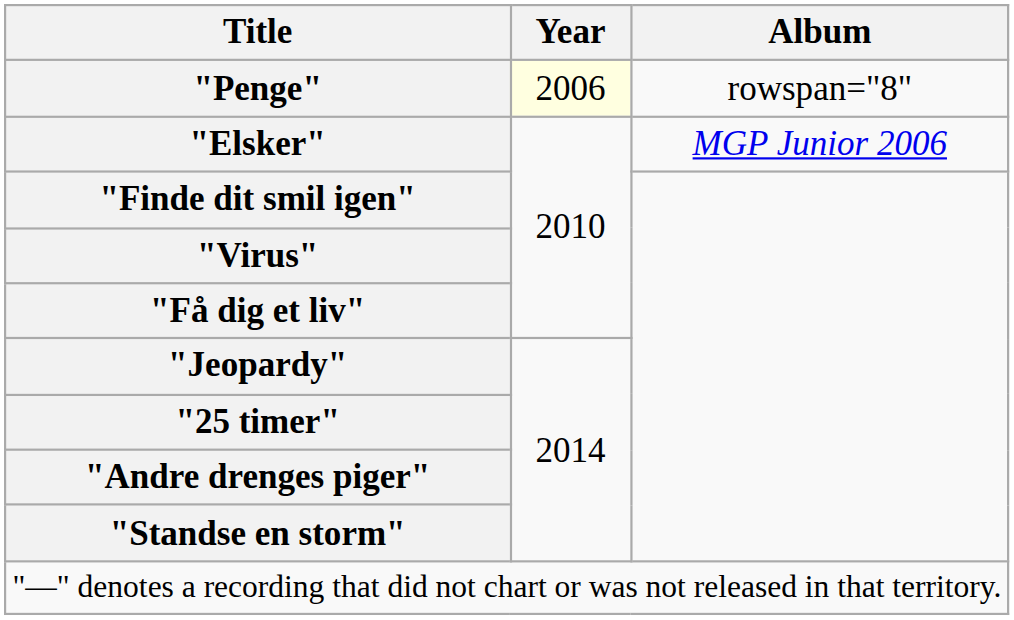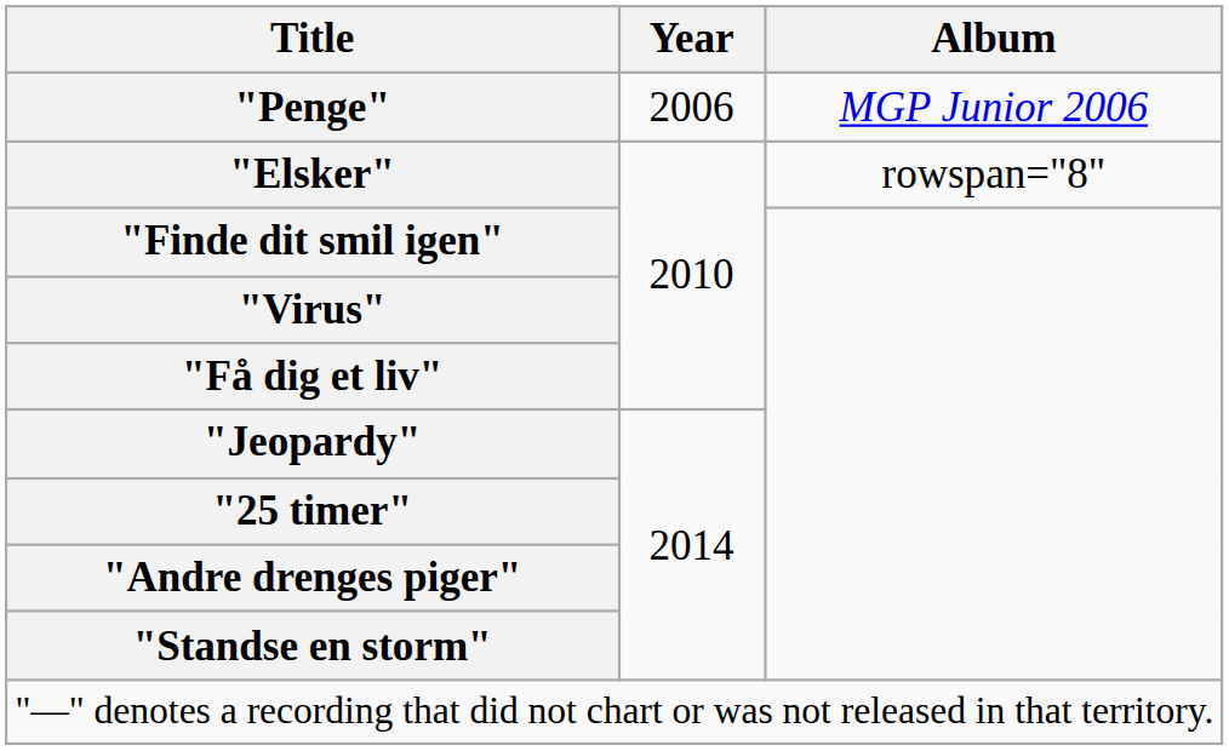 <table class="wikitable plainrowheaders" style="text-align:center;">
 <tr>
 <th scope="col" rowspan="1">Title</th>
 <th scope="col" rowspan="1">Year</th>
 <th scope="col" rowspan="1">Album</th>
 </tr>
 <tr>
 <th scope="row">"Penge" </th>
-<td style="background: lightyellow;">2006</td>
-<td>rowspan="8" </td>
+<td>2006</td>
+<td><em><a href='#'>MGP Junior 2006</a></em></td>
 </tr>
 <tr>
 <th scope="row">"Elsker"</th>
 <td rowspan="4">2010</td>
-<td><em><a href='#'>MGP Junior 2006</a></em></td>
+<td>rowspan="8" </td>
 </tr>
 <tr>
 <th scope="row">"Finde dit smil igen"</th>
 </tr>
 <tr>
 <th scope="row">"Virus"</th>
 </tr>
 <tr>
 <th scope="row">"Få dig et liv"<br></th>
 </tr>
 <tr>
 <th scope="row">"Jeopardy"</th>
 <td rowspan="4">2014</td>
 </tr>
 <tr>
 <th scope="row">"25 timer"</th>
 </tr>
 <tr>
 <th scope="row">"Andre drenges piger"</th>
 </tr>
 <tr>
 <th scope="row">"Standse en storm"<br></th>
 </tr>
 <tr>
 <td colspan="11" style="font-size:90%">"—" denotes a recording that did not chart or was not released in that territory.</td>
 </tr>
 </table>
